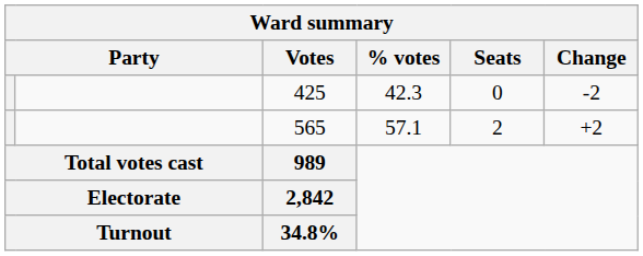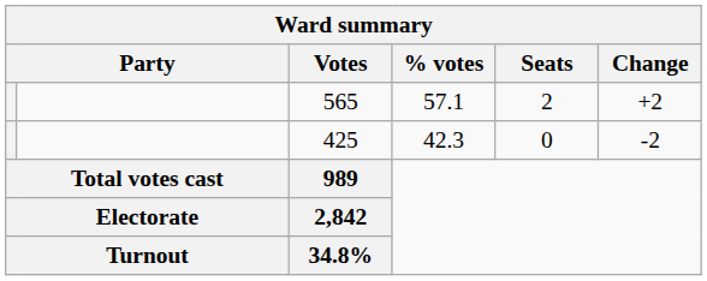 <table class="wikitable" style="font-size: 95%;">
 <tr style="background-color:#E9E9E9">
 <th colspan="6">Ward summary</th>
 </tr>
 <tr style="background-color:#E9E9E9">
 <th colspan="2">Party</th>
 <th style="width: 60px">Votes</th>
 <th style="width: 60px">% votes</th>
 <th style="width: 60px">Seats</th>
 <th style="width: 60px">Change</th>
 </tr>
 <tr>
 <th style="background-color: "></th>
 <td style="width: 170px"><a href='#'></a></td>
+<td align="center">565</td>
+<td align="center">57.1</td>
+<td align="center">2</td>
+<td align="center">+2</td>
+</tr>
+<tr>
+<th style="background-color: "></th>
+<td style="width: 170px"><a href='#'></a></td>
 <td align="center">425</td>
 <td align="center">42.3</td>
 <td align="center">0</td>
 <td align="center">-2</td>
-</tr>
-<tr>
-<th style="background-color: "></th>
-<td style="width: 170px"><a href='#'></a></td>
-<td align="center">565</td>
-<td align="center">57.1</td>
-<td align="center">2</td>
-<td align="center">+2</td>
 </tr>
 <tr style="background-color:#E9E9E9">
 <th colspan="2">Total votes cast</th>
 <th style="width: 60px">989</th>
 </tr>
 <tr style="background-color:#E9E9E9">
 <th colspan="2">Electorate</th>
 <th style="width: 60px">2,842</th>
 </tr>
 <tr style="background-color:#E9E9E9">
 <th colspan="2">Turnout</th>
 <th style="width: 60px">34.8%</th>
 </tr>
 </table>
